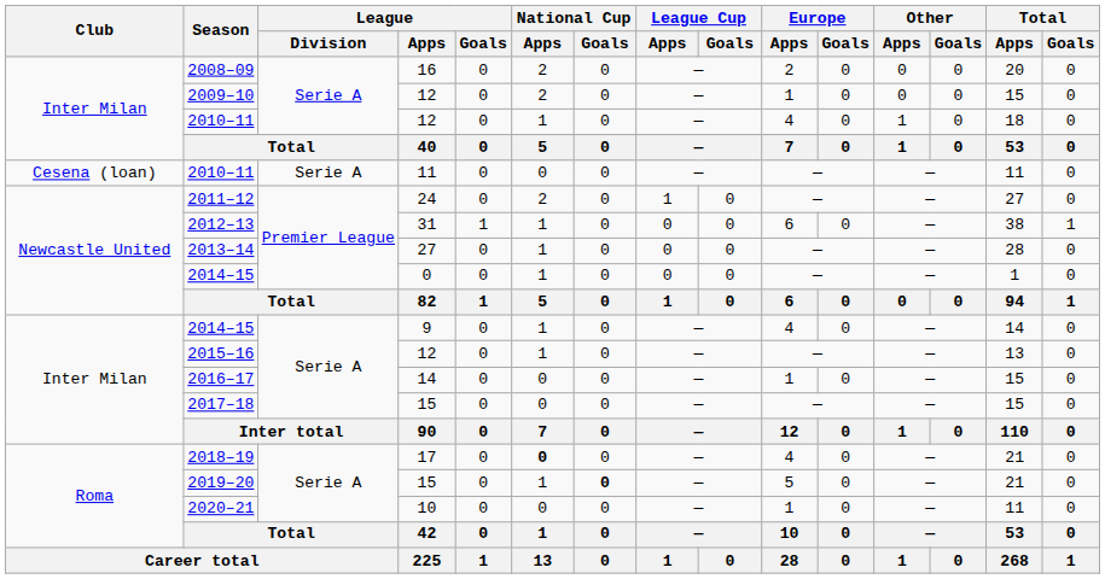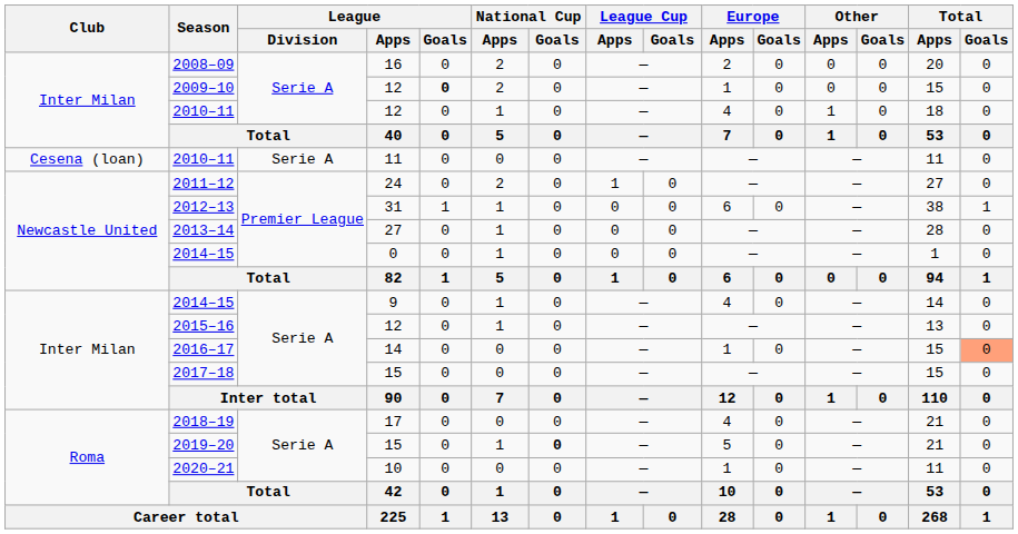 <table class="wikitable" style="text-align: center;">
 <tr>
 <th rowspan="2" width=140>Club</th>
 <th rowspan="2">Season</th>
 <th colspan="3">League</th>
 <th colspan="2">National Cup</th>
 <th colspan="2"><a href='#'>League Cup</a></th>
 <th colspan="2"><a href='#'>Europe</a></th>
 <th colspan="2">Other</th>
 <th colspan="2">Total</th>
 </tr>
 <tr>
 <th>Division</th>
 <th width=40>Apps</th>
 <th width=40>Goals</th>
 <th width=45>Apps</th>
 <th width=45>Goals</th>
 <th width=45>Apps</th>
 <th width=45>Goals</th>
 <th width=40>Apps</th>
 <th width=40>Goals</th>
 <th width=40>Apps</th>
 <th width=40>Goals</th>
 <th width=40>Apps</th>
 <th width=40>Goals</th>
 </tr>
 <tr>
 <td rowspan="4"><a href='#'>Inter Milan</a></td>
 <td><a href='#'>2008–09</a></td>
 <td rowspan="3"><a href='#'>Serie A</a></td>
 <td>16</td>
 <td>0</td>
 <td>2</td>
 <td>0</td>
 <td colspan="2">—</td>
 <td>2</td>
 <td>0</td>
 <td>0</td>
 <td>0</td>
 <td>20</td>
 <td>0</td>
 </tr>
 <tr>
 <td><a href='#'>2009–10</a></td>
 <td>12</td>
-<td>0</td>
+<td><strong>0</strong></td>
 <td>2</td>
 <td>0</td>
 <td colspan="2">—</td>
 <td>1</td>
 <td>0</td>
 <td>0</td>
 <td>0</td>
 <td>15</td>
 <td>0</td>
 </tr>
 <tr>
 <td><a href='#'>2010–11</a></td>
 <td>12</td>
 <td>0</td>
 <td>1</td>
 <td>0</td>
 <td colspan="2">—</td>
 <td>4</td>
 <td>0</td>
 <td>1</td>
 <td>0</td>
 <td>18</td>
 <td>0</td>
 </tr>
 <tr>
 <th colspan="2">Total</th>
 <th>40</th>
 <th>0</th>
 <th>5</th>
 <th>0</th>
 <th colspan="2">—</th>
 <th>7</th>
 <th>0</th>
 <th>1</th>
 <th>0</th>
 <th>53</th>
 <th>0</th>
 </tr>
 <tr>
 <td><a href='#'>Cesena</a> (loan)</td>
 <td><a href='#'>2010–11</a></td>
 <td>Serie A</td>
 <td>11</td>
 <td>0</td>
 <td>0</td>
 <td>0</td>
 <td colspan="2">—</td>
 <td colspan="2">—</td>
 <td colspan="2">—</td>
 <td>11</td>
 <td>0</td>
 </tr>
 <tr>
 <td rowspan="5"><a href='#'>Newcastle United</a></td>
 <td><a href='#'>2011–12</a></td>
 <td rowspan="4"><a href='#'>Premier League</a></td>
 <td>24</td>
 <td>0</td>
 <td>2</td>
 <td>0</td>
 <td>1</td>
 <td>0</td>
 <td colspan="2">—</td>
 <td colspan="2">—</td>
 <td>27</td>
 <td>0</td>
 </tr>
 <tr>
 <td><a href='#'>2012–13</a></td>
 <td>31</td>
 <td>1</td>
 <td>1</td>
 <td>0</td>
 <td>0</td>
 <td>0</td>
 <td>6</td>
 <td>0</td>
 <td colspan="2">—</td>
 <td>38</td>
 <td>1</td>
 </tr>
 <tr>
 <td><a href='#'>2013–14</a></td>
 <td>27</td>
 <td>0</td>
 <td>1</td>
 <td>0</td>
 <td>0</td>
 <td>0</td>
 <td colspan="2">—</td>
 <td colspan="2">—</td>
 <td>28</td>
 <td>0</td>
 </tr>
 <tr>
 <td><a href='#'>2014–15</a></td>
 <td>0</td>
 <td>0</td>
 <td>1</td>
 <td>0</td>
 <td>0</td>
 <td>0</td>
 <td colspan="2">—</td>
 <td colspan="2">—</td>
 <td>1</td>
 <td>0</td>
 </tr>
 <tr>
 <th colspan="2">Total</th>
 <th>82</th>
 <th>1</th>
 <th>5</th>
 <th>0</th>
 <th>1</th>
 <th>0</th>
 <th>6</th>
 <th>0</th>
 <th>0</th>
 <th>0</th>
 <th>94</th>
 <th>1</th>
 </tr>
 <tr>
 <td rowspan="5">Inter Milan</td>
 <td><a href='#'>2014–15</a></td>
 <td rowspan="4">Serie A</td>
 <td>9</td>
 <td>0</td>
 <td>1</td>
 <td>0</td>
 <td colspan="2">—</td>
 <td>4</td>
 <td>0</td>
 <td colspan="2">—</td>
 <td>14</td>
 <td>0</td>
 </tr>
 <tr>
 <td><a href='#'>2015–16</a></td>
 <td>12</td>
 <td>0</td>
 <td>1</td>
 <td>0</td>
 <td colspan="2">—</td>
 <td colspan="2">—</td>
 <td colspan="2">—</td>
 <td>13</td>
 <td>0</td>
 </tr>
 <tr>
 <td><a href='#'>2016–17</a></td>
 <td>14</td>
 <td>0</td>
 <td>0</td>
 <td>0</td>
 <td colspan="2">—</td>
 <td>1</td>
 <td>0</td>
 <td colspan="2">—</td>
 <td>15</td>
-<td>0</td>
+<td style="background: lightsalmon;">0</td>
 </tr>
 <tr>
 <td><a href='#'>2017–18</a></td>
 <td>15</td>
 <td>0</td>
 <td>0</td>
 <td>0</td>
 <td colspan="2">—</td>
 <td colspan="2">—</td>
 <td colspan="2">—</td>
 <td>15</td>
 <td>0</td>
 </tr>
 <tr>
 <th colspan="2">Inter total</th>
 <th>90</th>
 <th>0</th>
 <th>7</th>
 <th>0</th>
 <th colspan="2">—</th>
 <th>12</th>
 <th>0</th>
 <th>1</th>
 <th>0</th>
 <th>110</th>
 <th>0</th>
 </tr>
 <tr>
 <td rowspan="4"><a href='#'>Roma</a></td>
 <td><a href='#'>2018–19</a></td>
 <td rowspan="3">Serie A</td>
 <td>17</td>
 <td>0</td>
-<td><strong>0</strong></td>
+<td>0</td>
 <td>0</td>
 <td colspan="2">—</td>
 <td>4</td>
 <td>0</td>
 <td colspan="2">—</td>
 <td>21</td>
 <td>0</td>
 </tr>
 <tr>
 <td><a href='#'>2019–20</a></td>
 <td>15</td>
 <td>0</td>
 <td>1</td>
 <td><strong>0</strong></td>
 <td colspan="2">—</td>
 <td>5</td>
 <td>0</td>
 <td colspan="2">—</td>
 <td>21</td>
 <td>0</td>
 </tr>
 <tr>
 <td><a href='#'>2020–21</a></td>
 <td>10</td>
 <td>0</td>
 <td>0</td>
 <td>0</td>
 <td colspan="2">—</td>
 <td>1</td>
 <td>0</td>
 <td colspan="2">—</td>
 <td>11</td>
 <td>0</td>
 </tr>
 <tr>
 <th colspan="2">Total</th>
 <th>42</th>
 <th>0</th>
 <th>1</th>
 <th>0</th>
 <th colspan="2">—</th>
 <th>10</th>
 <th>0</th>
 <th colspan="2">—</th>
 <th>53</th>
 <th>0</th>
 </tr>
 <tr>
 <th colspan="3">Career total</th>
 <th>225</th>
 <th>1</th>
 <th>13</th>
 <th>0</th>
 <th>1</th>
 <th>0</th>
 <th>28</th>
 <th>0</th>
 <th>1</th>
 <th>0</th>
 <th>268</th>
 <th>1</th>
 </tr>
 </table>
